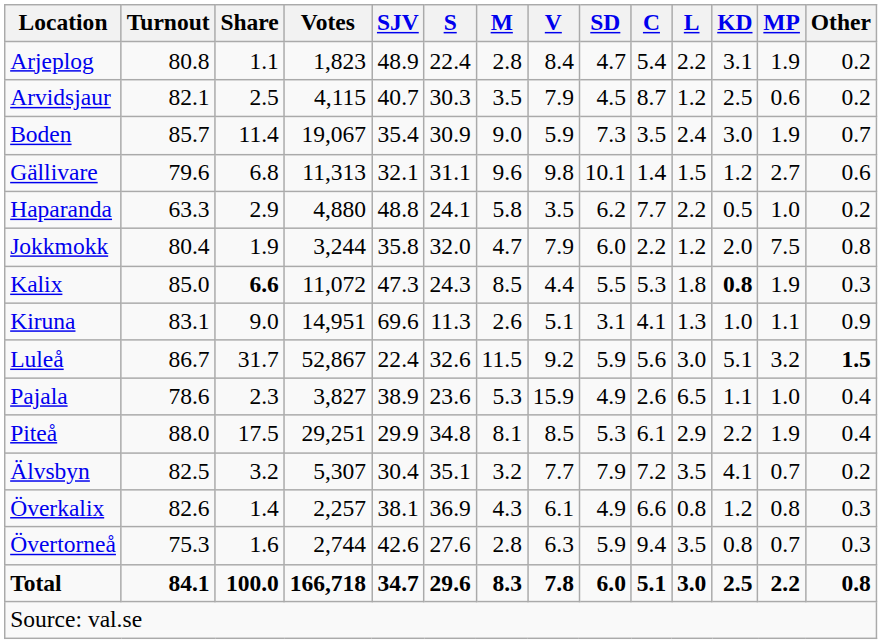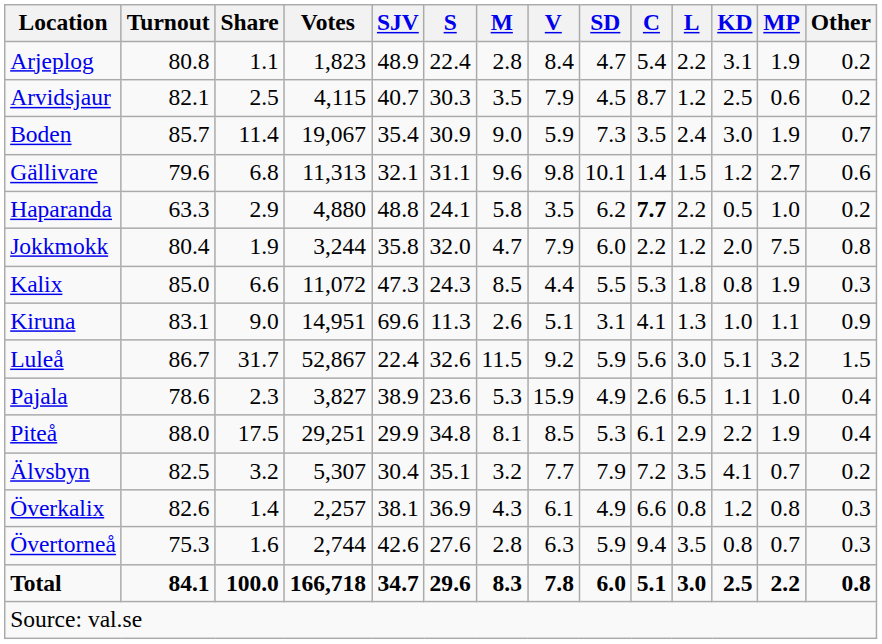 <table class="wikitable sortable" style=text-align:right>
 <tr>
 <th>Location</th>
 <th>Turnout</th>
 <th>Share</th>
 <th>Votes</th>
 <th><a href='#'>SJV</a></th>
 <th><a href='#'>S</a></th>
 <th><a href='#'>M</a></th>
 <th><a href='#'>V</a></th>
 <th><a href='#'>SD</a></th>
 <th><a href='#'>C</a></th>
 <th><a href='#'>L</a></th>
 <th><a href='#'>KD</a></th>
 <th><a href='#'>MP</a></th>
 <th>Other</th>
 </tr>
 <tr>
 <td align=left><a href='#'>Arjeplog</a></td>
 <td>80.8</td>
 <td>1.1</td>
 <td>1,823</td>
 <td>48.9</td>
 <td>22.4</td>
 <td>2.8</td>
 <td>8.4</td>
 <td>4.7</td>
 <td>5.4</td>
 <td>2.2</td>
 <td>3.1</td>
 <td>1.9</td>
 <td>0.2</td>
 </tr>
 <tr>
 <td align=left><a href='#'>Arvidsjaur</a></td>
 <td>82.1</td>
 <td>2.5</td>
 <td>4,115</td>
 <td>40.7</td>
 <td>30.3</td>
 <td>3.5</td>
 <td>7.9</td>
 <td>4.5</td>
 <td>8.7</td>
 <td>1.2</td>
 <td>2.5</td>
 <td>0.6</td>
 <td>0.2</td>
 </tr>
 <tr>
 <td align=left><a href='#'>Boden</a></td>
 <td>85.7</td>
 <td>11.4</td>
 <td>19,067</td>
 <td>35.4</td>
 <td>30.9</td>
 <td>9.0</td>
 <td>5.9</td>
 <td>7.3</td>
 <td>3.5</td>
 <td>2.4</td>
 <td>3.0</td>
 <td>1.9</td>
 <td>0.7</td>
 </tr>
 <tr>
 <td align=left><a href='#'>Gällivare</a></td>
 <td>79.6</td>
 <td>6.8</td>
 <td>11,313</td>
 <td>32.1</td>
 <td>31.1</td>
 <td>9.6</td>
 <td>9.8</td>
 <td>10.1</td>
 <td>1.4</td>
 <td>1.5</td>
 <td>1.2</td>
 <td>2.7</td>
 <td>0.6</td>
 </tr>
 <tr>
 <td align=left><a href='#'>Haparanda</a></td>
 <td>63.3</td>
 <td>2.9</td>
 <td>4,880</td>
 <td>48.8</td>
 <td>24.1</td>
 <td>5.8</td>
 <td>3.5</td>
 <td>6.2</td>
-<td>7.7</td>
+<td><strong>7.7</strong></td>
 <td>2.2</td>
 <td>0.5</td>
 <td>1.0</td>
 <td>0.2</td>
 </tr>
 <tr>
 <td align=left><a href='#'>Jokkmokk</a></td>
 <td>80.4</td>
 <td>1.9</td>
 <td>3,244</td>
 <td>35.8</td>
 <td>32.0</td>
 <td>4.7</td>
 <td>7.9</td>
 <td>6.0</td>
 <td>2.2</td>
 <td>1.2</td>
 <td>2.0</td>
 <td>7.5</td>
 <td>0.8</td>
 </tr>
 <tr>
 <td align=left><a href='#'>Kalix</a></td>
 <td>85.0</td>
-<td><strong>6.6</strong></td>
+<td>6.6</td>
 <td>11,072</td>
 <td>47.3</td>
 <td>24.3</td>
 <td>8.5</td>
 <td>4.4</td>
 <td>5.5</td>
 <td>5.3</td>
 <td>1.8</td>
-<td><strong>0.8</strong></td>
+<td>0.8</td>
 <td>1.9</td>
 <td>0.3</td>
 </tr>
 <tr>
 <td align=left><a href='#'>Kiruna</a></td>
 <td>83.1</td>
 <td>9.0</td>
 <td>14,951</td>
 <td>69.6</td>
 <td>11.3</td>
 <td>2.6</td>
 <td>5.1</td>
 <td>3.1</td>
 <td>4.1</td>
 <td>1.3</td>
 <td>1.0</td>
 <td>1.1</td>
 <td>0.9</td>
 </tr>
 <tr>
 <td align=left><a href='#'>Luleå</a></td>
 <td>86.7</td>
 <td>31.7</td>
 <td>52,867</td>
 <td>22.4</td>
 <td>32.6</td>
 <td>11.5</td>
 <td>9.2</td>
 <td>5.9</td>
 <td>5.6</td>
 <td>3.0</td>
 <td>5.1</td>
 <td>3.2</td>
-<td><strong>1.5</strong></td>
+<td>1.5</td>
 </tr>
 <tr>
 <td align=left><a href='#'>Pajala</a></td>
 <td>78.6</td>
 <td>2.3</td>
 <td>3,827</td>
 <td>38.9</td>
 <td>23.6</td>
 <td>5.3</td>
 <td>15.9</td>
 <td>4.9</td>
 <td>2.6</td>
 <td>6.5</td>
 <td>1.1</td>
 <td>1.0</td>
 <td>0.4</td>
 </tr>
 <tr>
 <td align=left><a href='#'>Piteå</a></td>
 <td>88.0</td>
 <td>17.5</td>
 <td>29,251</td>
 <td>29.9</td>
 <td>34.8</td>
 <td>8.1</td>
 <td>8.5</td>
 <td>5.3</td>
 <td>6.1</td>
 <td>2.9</td>
 <td>2.2</td>
 <td>1.9</td>
 <td>0.4</td>
 </tr>
 <tr>
 <td align=left><a href='#'>Älvsbyn</a></td>
 <td>82.5</td>
 <td>3.2</td>
 <td>5,307</td>
 <td>30.4</td>
 <td>35.1</td>
 <td>3.2</td>
 <td>7.7</td>
 <td>7.9</td>
 <td>7.2</td>
 <td>3.5</td>
 <td>4.1</td>
 <td>0.7</td>
 <td>0.2</td>
 </tr>
 <tr>
 <td align=left><a href='#'>Överkalix</a></td>
 <td>82.6</td>
 <td>1.4</td>
 <td>2,257</td>
 <td>38.1</td>
 <td>36.9</td>
 <td>4.3</td>
 <td>6.1</td>
 <td>4.9</td>
 <td>6.6</td>
 <td>0.8</td>
 <td>1.2</td>
 <td>0.8</td>
 <td>0.3</td>
 </tr>
 <tr>
 <td align=left><a href='#'>Övertorneå</a></td>
 <td>75.3</td>
 <td>1.6</td>
 <td>2,744</td>
 <td>42.6</td>
 <td>27.6</td>
 <td>2.8</td>
 <td>6.3</td>
 <td>5.9</td>
 <td>9.4</td>
 <td>3.5</td>
 <td>0.8</td>
 <td>0.7</td>
 <td>0.3</td>
 </tr>
 <tr>
 <td align=left><strong>Total</strong></td>
 <td><strong>84.1</strong></td>
 <td><strong>100.0</strong></td>
 <td><strong>166,718</strong></td>
 <td><strong>34.7</strong></td>
 <td><strong>29.6</strong></td>
 <td><strong>8.3</strong></td>
 <td><strong>7.8</strong></td>
 <td><strong>6.0</strong></td>
 <td><strong>5.1</strong></td>
 <td><strong>3.0</strong></td>
 <td><strong>2.5</strong></td>
 <td><strong>2.2</strong></td>
 <td><strong>0.8</strong></td>
 </tr>
 <tr>
 <td align=left colspan=14>Source: val.se</td>
 </tr>
 </table>
